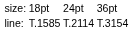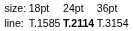 <table style="margin-left:40px;">
 <tr>
 <td>size:</td>
 <td>18pt</td>
 <td>24pt</td>
 <td>36pt</td>
 </tr>
 <tr>
 <td>line:</td>
 <td>T.1585</td>
-<td>T.2114</td>
+<td><strong>T.2114</strong></td>
 <td>T.3154</td>
 </tr>
 </table>
